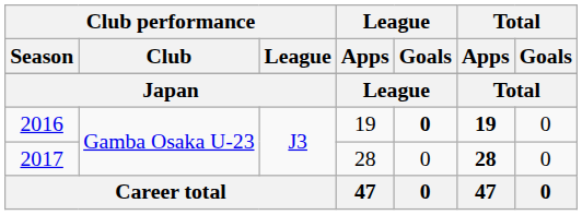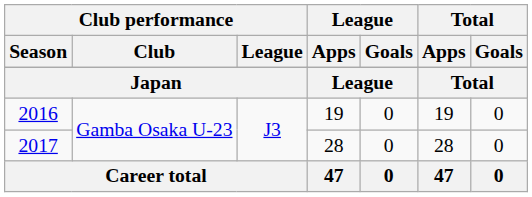 <table class="wikitable" style="text-align:center">
 <tr>
 <th colspan=3>Club performance</th>
 <th colspan=2>League</th>
 <th colspan=2>Total</th>
 </tr>
 <tr>
 <th>Season</th>
 <th>Club</th>
 <th>League</th>
 <th>Apps</th>
 <th>Goals</th>
 <th>Apps</th>
 <th>Goals</th>
 </tr>
 <tr>
 </tr>
 <tr>
 <th colspan=3>Japan</th>
 <th colspan=2>League</th>
 <th colspan=2>Total</th>
 </tr>
 <tr>
 <td><a href='#'>2016</a></td>
 <td rowspan="2"><a href='#'>Gamba Osaka U-23</a></td>
 <td rowspan="2"><a href='#'>J3</a></td>
 <td>19</td>
-<td><strong>0</strong></td>
-<td><strong>19</strong></td>
+<td>0</td>
+<td>19</td>
 <td>0</td>
 </tr>
 <tr>
 <td><a href='#'>2017</a></td>
 <td>28</td>
 <td>0</td>
-<td><strong>28</strong></td>
+<td>28</td>
 <td>0</td>
 </tr>
 <tr>
 <th colspan=3>Career total</th>
 <th>47</th>
 <th>0</th>
 <th>47</th>
 <th>0</th>
 </tr>
 </table>
